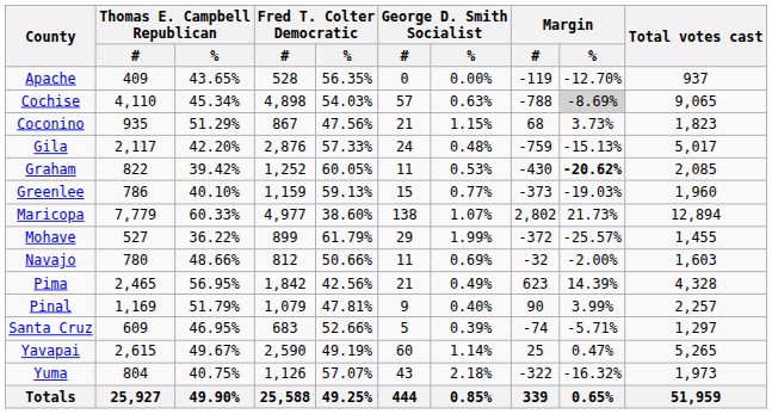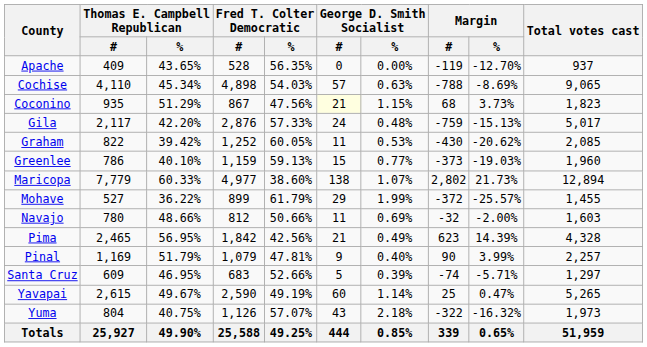 <table class="wikitable sortable" style="text-align:center">
 <tr>
 <th rowspan="2">County</th>
 <th style="text-align:center;" colspan="2">Thomas E. Campbell<br>Republican</th>
 <th style="text-align:center;" colspan="2">Fred T. Colter<br>Democratic</th>
 <th style="text-align:center;" colspan="2">George D. Smith<br>Socialist</th>
 <th style="text-align:center;" colspan="2">Margin</th>
 <th style="text-align:center;" rowspan="2">Total votes cast</th>
 </tr>
 <tr>
 <th style="text-align:center;" data-sort-type="number">#</th>
 <th style="text-align:center;" data-sort-type="number">%</th>
 <th style="text-align:center;" data-sort-type="number">#</th>
 <th style="text-align:center;" data-sort-type="number">%</th>
 <th style="text-align:center;" data-sort-type="number">#</th>
 <th style="text-align:center;" data-sort-type="number">%</th>
 <th style="text-align:center;" data-sort-type="number">#</th>
 <th style="text-align:center;" data-sort-type="number">%</th>
 </tr>
 <tr style="text-align:center;">
 <td><a href='#'>Apache</a></td>
 <td>409</td>
 <td>43.65%</td>
 <td>528</td>
 <td>56.35%</td>
 <td>0</td>
 <td>0.00%</td>
 <td>-119</td>
 <td>-12.70%</td>
 <td>937</td>
 </tr>
 <tr style="text-align:center;">
 <td><a href='#'>Cochise</a></td>
 <td>4,110</td>
 <td>45.34%</td>
 <td>4,898</td>
 <td>54.03%</td>
 <td>57</td>
 <td>0.63%</td>
 <td>-788</td>
-<td style="background: lightgrey;">-8.69%</td>
+<td>-8.69%</td>
 <td>9,065</td>
 </tr>
 <tr style="text-align:center;">
 <td><a href='#'>Coconino</a></td>
 <td>935</td>
 <td>51.29%</td>
 <td>867</td>
 <td>47.56%</td>
-<td>21</td>
+<td style="background: lightyellow;">21</td>
 <td>1.15%</td>
 <td>68</td>
 <td>3.73%</td>
 <td>1,823</td>
 </tr>
 <tr style="text-align:center;">
 <td><a href='#'>Gila</a></td>
 <td>2,117</td>
 <td>42.20%</td>
 <td>2,876</td>
 <td>57.33%</td>
 <td>24</td>
 <td>0.48%</td>
 <td>-759</td>
 <td>-15.13%</td>
 <td>5,017</td>
 </tr>
 <tr style="text-align:center;">
 <td><a href='#'>Graham</a></td>
 <td>822</td>
 <td>39.42%</td>
 <td>1,252</td>
 <td>60.05%</td>
 <td>11</td>
 <td>0.53%</td>
 <td>-430</td>
-<td><strong>-20.62%</strong></td>
+<td>-20.62%</td>
 <td>2,085</td>
 </tr>
 <tr style="text-align:center;">
 <td><a href='#'>Greenlee</a></td>
 <td>786</td>
 <td>40.10%</td>
 <td>1,159</td>
 <td>59.13%</td>
 <td>15</td>
 <td>0.77%</td>
 <td>-373</td>
 <td>-19.03%</td>
 <td>1,960</td>
 </tr>
 <tr style="text-align:center;">
 <td><a href='#'>Maricopa</a></td>
 <td>7,779</td>
 <td>60.33%</td>
 <td>4,977</td>
 <td>38.60%</td>
 <td>138</td>
 <td>1.07%</td>
 <td>2,802</td>
 <td>21.73%</td>
 <td>12,894</td>
 </tr>
 <tr style="text-align:center;">
 <td><a href='#'>Mohave</a></td>
 <td>527</td>
 <td>36.22%</td>
 <td>899</td>
 <td>61.79%</td>
 <td>29</td>
 <td>1.99%</td>
 <td>-372</td>
 <td>-25.57%</td>
 <td>1,455</td>
 </tr>
 <tr style="text-align:center;">
 <td><a href='#'>Navajo</a></td>
 <td>780</td>
 <td>48.66%</td>
 <td>812</td>
 <td>50.66%</td>
 <td>11</td>
 <td>0.69%</td>
 <td>-32</td>
 <td>-2.00%</td>
 <td>1,603</td>
 </tr>
 <tr style="text-align:center;">
 <td><a href='#'>Pima</a></td>
 <td>2,465</td>
 <td>56.95%</td>
 <td>1,842</td>
 <td>42.56%</td>
 <td>21</td>
 <td>0.49%</td>
 <td>623</td>
 <td>14.39%</td>
 <td>4,328</td>
 </tr>
 <tr style="text-align:center;">
 <td><a href='#'>Pinal</a></td>
 <td>1,169</td>
 <td>51.79%</td>
 <td>1,079</td>
 <td>47.81%</td>
 <td>9</td>
 <td>0.40%</td>
 <td>90</td>
 <td>3.99%</td>
 <td>2,257</td>
 </tr>
 <tr style="text-align:center;">
 <td><a href='#'>Santa Cruz</a></td>
 <td>609</td>
 <td>46.95%</td>
 <td>683</td>
 <td>52.66%</td>
 <td>5</td>
 <td>0.39%</td>
 <td>-74</td>
 <td>-5.71%</td>
 <td>1,297</td>
 </tr>
 <tr style="text-align:center;">
 <td><a href='#'>Yavapai</a></td>
 <td>2,615</td>
 <td>49.67%</td>
 <td>2,590</td>
 <td>49.19%</td>
 <td>60</td>
 <td>1.14%</td>
 <td>25</td>
 <td>0.47%</td>
 <td>5,265</td>
 </tr>
 <tr style="text-align:center;">
 <td><a href='#'>Yuma</a></td>
 <td>804</td>
 <td>40.75%</td>
 <td>1,126</td>
 <td>57.07%</td>
 <td>43</td>
 <td>2.18%</td>
 <td>-322</td>
 <td>-16.32%</td>
 <td>1,973</td>
 </tr>
 <tr style="text-align:center;">
 <th>Totals</th>
 <th>25,927</th>
 <th>49.90%</th>
 <th>25,588</th>
 <th>49.25%</th>
 <th>444</th>
 <th>0.85%</th>
 <th>339</th>
 <th>0.65%</th>
 <th>51,959</th>
 </tr>
 </table>
